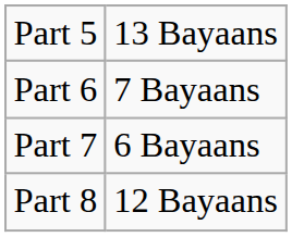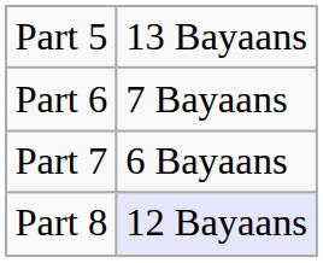 <table class="wikitable">
 <tr>
 <td>Part 5</td>
 <td>13 Bayaans</td>
 </tr>
 <tr>
 <td>Part 6</td>
 <td>7 Bayaans</td>
 </tr>
 <tr>
 <td>Part 7</td>
 <td>6 Bayaans</td>
 </tr>
 <tr>
 <td>Part 8</td>
-<td>12 Bayaans</td>
+<td style="background: lavender;">12 Bayaans</td>
 </tr>
 </table>
